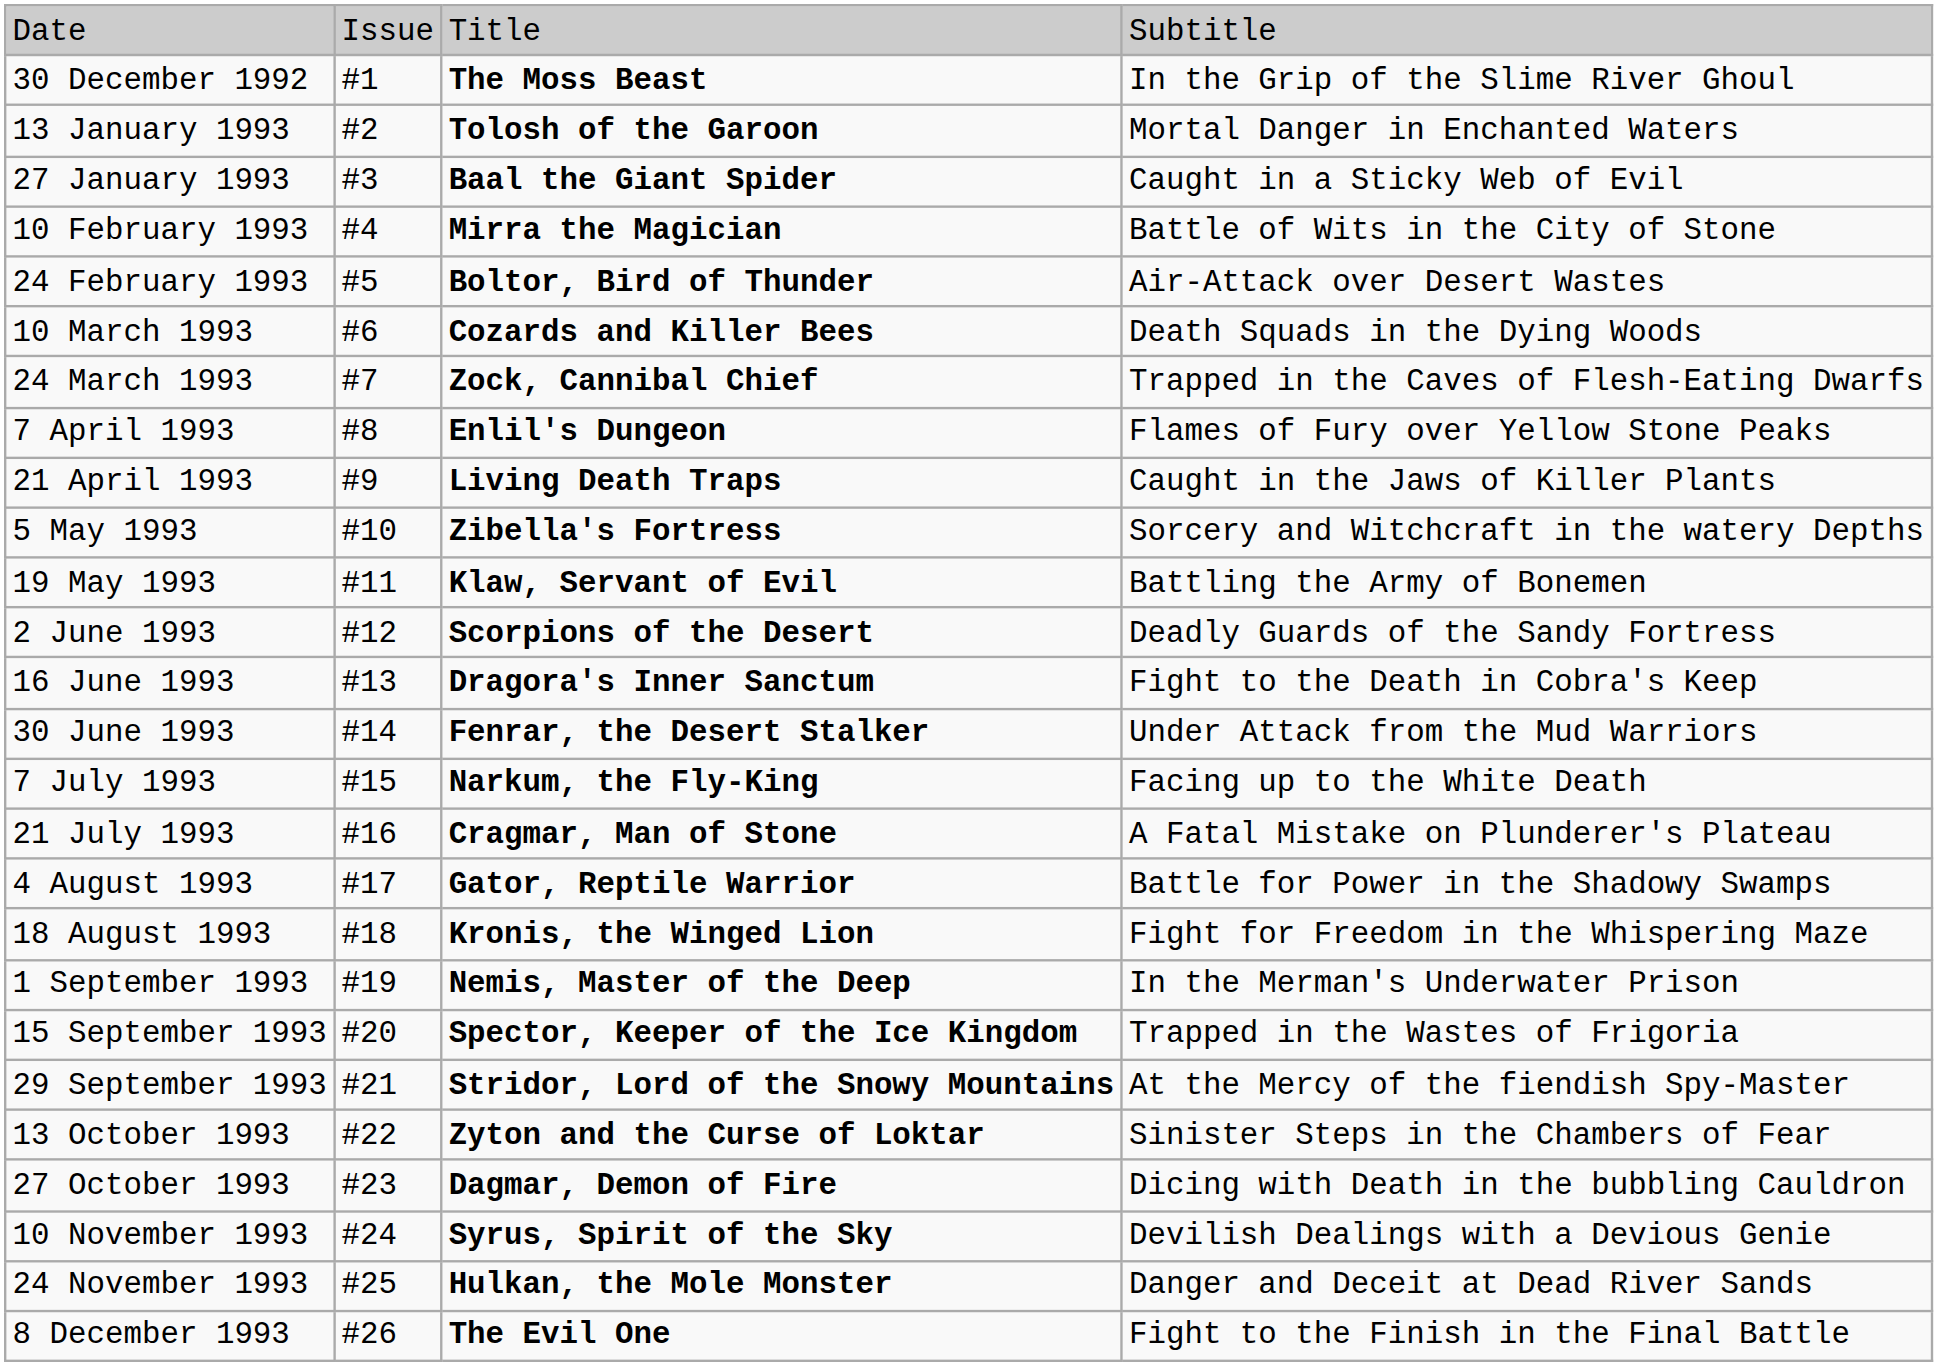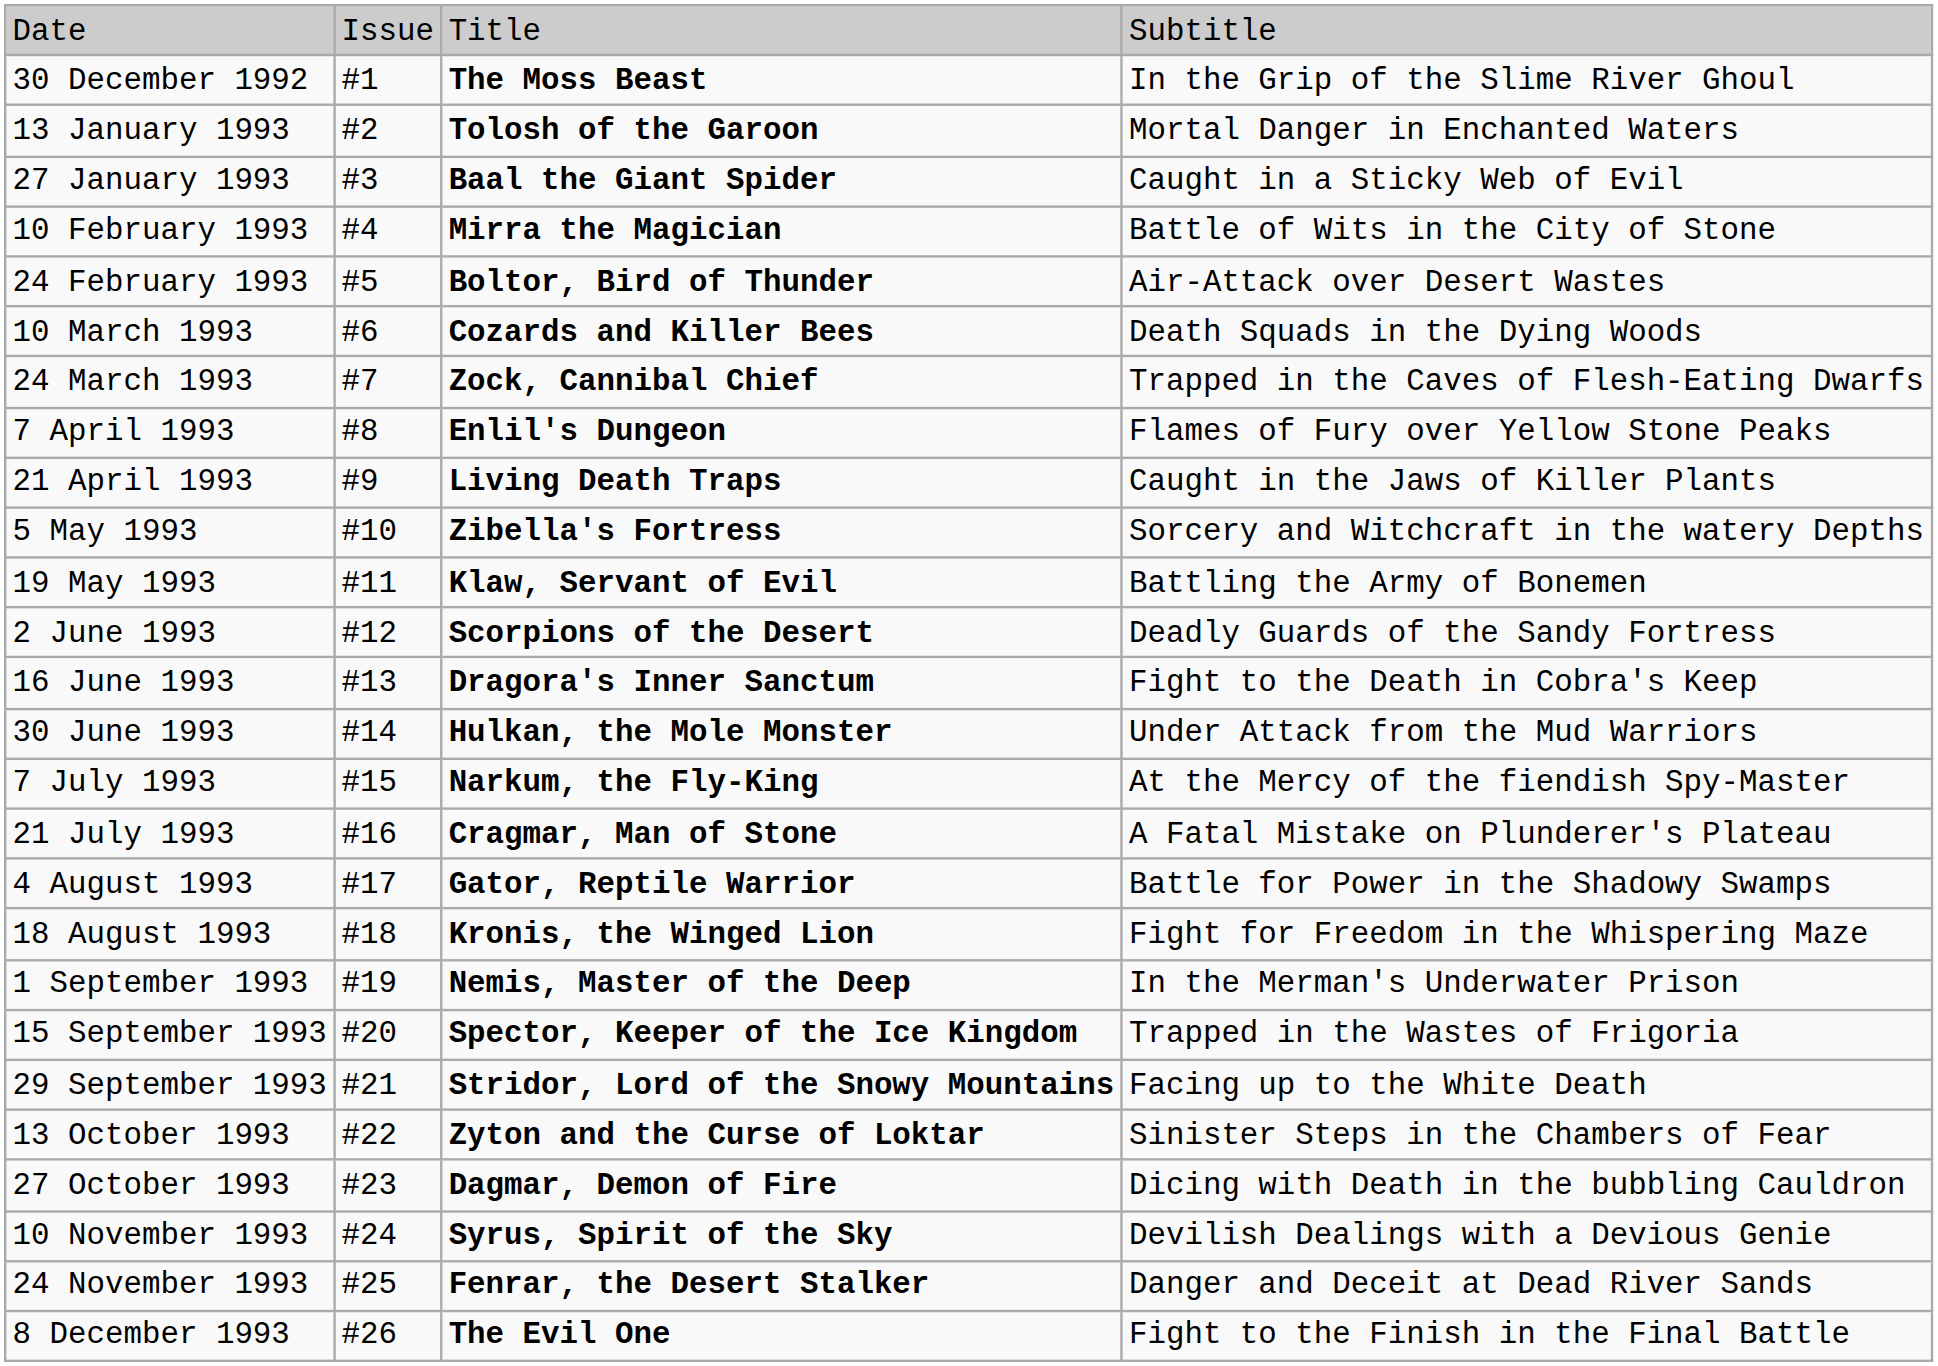 <table class="wikitable">
 <tr bgcolor="#CCCCCC">
 <td>Date</td>
 <td>Issue</td>
 <td>Title</td>
 <td>Subtitle</td>
 </tr>
 <tr>
 <td>30 December 1992</td>
 <td>#1</td>
 <td><strong>The Moss Beast</strong></td>
 <td>In the Grip of the Slime River Ghoul</td>
 </tr>
 <tr>
 <td>13 January 1993</td>
 <td>#2</td>
 <td><strong>Tolosh of the Garoon</strong></td>
 <td>Mortal Danger in Enchanted Waters</td>
 </tr>
 <tr>
 <td>27 January 1993</td>
 <td>#3</td>
 <td><strong>Baal the Giant Spider</strong></td>
 <td>Caught in a Sticky Web of Evil</td>
 </tr>
 <tr>
 <td>10 February 1993</td>
 <td>#4</td>
 <td><strong>Mirra the Magician</strong></td>
 <td>Battle of Wits in the City of Stone</td>
 </tr>
 <tr>
 <td>24 February 1993</td>
 <td>#5</td>
 <td><strong>Boltor, Bird of Thunder</strong></td>
 <td>Air-Attack over Desert Wastes</td>
 </tr>
 <tr>
 <td>10 March 1993</td>
 <td>#6</td>
 <td><strong>Cozards and Killer Bees</strong></td>
 <td>Death Squads in the Dying Woods</td>
 </tr>
 <tr>
 <td>24 March 1993</td>
 <td>#7</td>
 <td><strong>Zock, Cannibal Chief</strong></td>
 <td>Trapped in the Caves of Flesh-Eating Dwarfs</td>
 </tr>
 <tr>
 <td>7 April 1993</td>
 <td>#8</td>
 <td><strong>Enlil's Dungeon</strong></td>
 <td>Flames of Fury over Yellow Stone Peaks</td>
 </tr>
 <tr>
 <td>21 April 1993</td>
 <td>#9</td>
 <td><strong>Living Death Traps</strong></td>
 <td>Caught in the Jaws of Killer Plants</td>
 </tr>
 <tr>
 <td>5 May 1993</td>
 <td>#10</td>
 <td><strong>Zibella's Fortress</strong></td>
 <td>Sorcery and Witchcraft in the watery Depths</td>
 </tr>
 <tr>
 <td>19 May 1993</td>
 <td>#11</td>
 <td><strong>Klaw, Servant of Evil</strong></td>
 <td>Battling the Army of Bonemen</td>
 </tr>
 <tr>
 <td>2 June 1993</td>
 <td>#12</td>
 <td><strong>Scorpions of the Desert</strong></td>
 <td>Deadly Guards of the Sandy Fortress</td>
 </tr>
 <tr>
 <td>16 June 1993</td>
 <td>#13</td>
 <td><strong>Dragora's Inner Sanctum</strong></td>
 <td>Fight to the Death in Cobra's Keep</td>
 </tr>
 <tr>
 <td>30 June 1993</td>
 <td>#14</td>
-<td><strong>Fenrar, the Desert Stalker</strong></td>
+<td><strong>Hulkan, the Mole Monster</strong></td>
 <td>Under Attack from the Mud Warriors</td>
 </tr>
 <tr>
 <td>7 July 1993</td>
 <td>#15</td>
 <td><strong>Narkum, the Fly-King</strong></td>
-<td>Facing up to the White Death</td>
+<td>At the Mercy of the fiendish Spy-Master</td>
 </tr>
 <tr>
 <td>21 July 1993</td>
 <td>#16</td>
 <td><strong>Cragmar, Man of Stone</strong></td>
 <td>A Fatal Mistake on Plunderer's Plateau</td>
 </tr>
 <tr>
 <td>4 August 1993</td>
 <td>#17</td>
 <td><strong>Gator, Reptile Warrior</strong></td>
 <td>Battle for Power in the Shadowy Swamps</td>
 </tr>
 <tr>
 <td>18 August 1993</td>
 <td>#18</td>
 <td><strong>Kronis, the Winged Lion</strong></td>
 <td>Fight for Freedom in the Whispering Maze</td>
 </tr>
 <tr>
 <td>1 September 1993</td>
 <td>#19</td>
 <td><strong>Nemis, Master of the Deep</strong></td>
 <td>In the Merman's Underwater Prison</td>
 </tr>
 <tr>
 <td>15 September 1993</td>
 <td>#20</td>
 <td><strong>Spector, Keeper of the Ice Kingdom</strong></td>
 <td>Trapped in the Wastes of Frigoria</td>
 </tr>
 <tr>
 <td>29 September 1993</td>
 <td>#21</td>
 <td><strong>Stridor, Lord of the Snowy Mountains</strong></td>
-<td>At the Mercy of the fiendish Spy-Master</td>
+<td>Facing up to the White Death</td>
 </tr>
 <tr>
 <td>13 October 1993</td>
 <td>#22</td>
 <td><strong>Zyton and the Curse of Loktar</strong></td>
 <td>Sinister Steps in the Chambers of Fear</td>
 </tr>
 <tr>
 <td>27 October 1993</td>
 <td>#23</td>
 <td><strong>Dagmar, Demon of Fire</strong></td>
 <td>Dicing with Death in the bubbling Cauldron</td>
 </tr>
 <tr>
 <td>10 November 1993</td>
 <td>#24</td>
 <td><strong>Syrus, Spirit of the Sky</strong></td>
 <td>Devilish Dealings with a Devious Genie</td>
 </tr>
 <tr>
 <td>24 November 1993</td>
 <td>#25</td>
-<td><strong>Hulkan, the Mole Monster</strong></td>
+<td><strong>Fenrar, the Desert Stalker</strong></td>
 <td>Danger and Deceit at Dead River Sands</td>
 </tr>
 <tr>
 <td>8 December 1993</td>
 <td>#26</td>
 <td><strong>The Evil One</strong></td>
 <td>Fight to the Finish in the Final Battle</td>
 </tr>
 </table>
